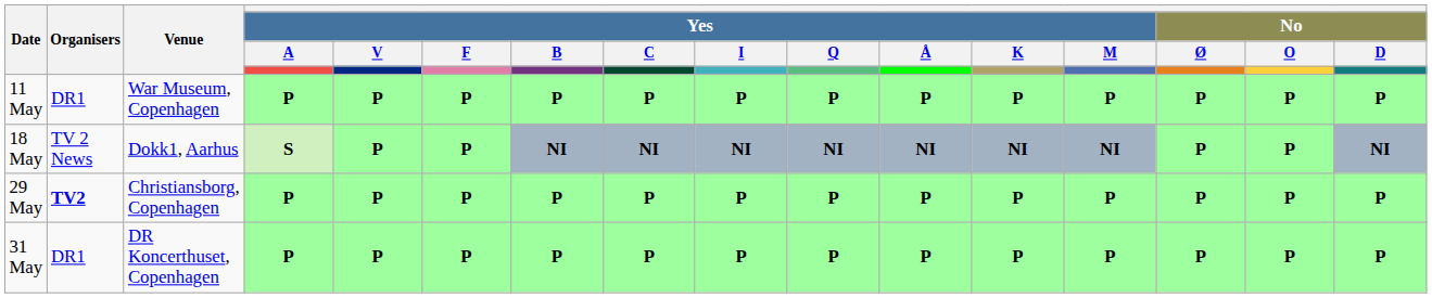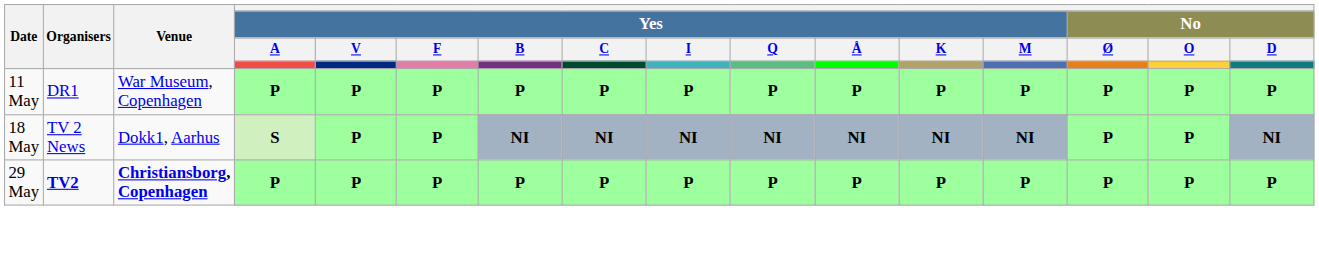 <table class="wikitable" style="text-justify: none">
 <tr style="font-size:small;">
 <th rowspan="4">Date</th>
 <th rowspan="4">Organisers</th>
 <th rowspan="4">Venue</th>
 <th colspan="13" scope="col">     </th>
 </tr>
 <tr>
 <th colspan="10" style="background: rgb(69, 115, 159); color:white; text-align:center;">Yes</th>
 <th colspan="3" style="background: rgb(140, 140, 83); color:white; text-align:center;">No</th>
 </tr>
 <tr style="font-size:small;">
 <th scope="col"><a href='#'>A</a></th>
 <th scope="col"><a href='#'>V</a></th>
 <th scope="col"><a href='#'>F</a></th>
 <th scope="col"><a href='#'>B</a></th>
 <th scope="col"><a href='#'>C</a></th>
 <th scope="col"><a href='#'>I</a></th>
 <th scope="col"><a href='#'>Q</a></th>
 <th scope="col"><a href='#'>Å</a></th>
 <th scope="col"><a href='#'>K</a></th>
 <th scope="col"><a href='#'>M</a></th>
 <th scope="col"><a href='#'>Ø</a></th>
 <th scope="col"><a href='#'>O</a></th>
 <th scope="col"><a href='#'>D</a></th>
 </tr>
 <tr>
 <th style="width:6.5em; background:#F04D46;"></th>
 <th style="width:6.5em; background:#002883;"></th>
 <th style="width:6.5em; background:#E07EA8;"></th>
 <th style="width:6.5em; background:#733280;"></th>
 <th style="width:6.5em; background:#004931;"></th>
 <th style="width:6.5em; background:#3FB2BE;"></th>
 <th style="width:6.5em; background:#5ABE82;"></th>
 <th style="width:6.5em; background:#0f0;"></th>
 <th style="width:6.5em; background:#B1A269;"></th>
 <th style="width:6.5em; background:#4d6fb2;"></th>
 <th style="width:6.5em; background:#E6801A;"></th>
 <th style="width:6.5em; background:#FCD03B;"></th>
 <th style="width:6.5em; background:#127B7F;"></th>
 </tr>
 <tr>
 <td>11 May</td>
 <td><a href='#'>DR1</a></td>
 <td><a href='#'>War Museum</a>, <a href='#'>Copenhagen</a></td>
 <td style="background:#9EFF9E; color:black; text-align:center;"><strong>P</strong><br></td>
 <td style="background:#9EFF9E; color:black; text-align:center;"><strong>P</strong><br></td>
 <td style="background:#9EFF9E; color:black; text-align:center;"><strong>P</strong><br></td>
 <td style="background:#9EFF9E; color:black; text-align:center;"><strong>P</strong><br></td>
 <td style="background:#9EFF9E; color:black; text-align:center;"><strong>P</strong><br></td>
 <td style="background:#9EFF9E; color:black; text-align:center;"><strong>P</strong><br></td>
 <td style="background:#9EFF9E; color:black; text-align:center;"><strong>P</strong><br></td>
 <td style="background:#9EFF9E; color:black; text-align:center;"><strong>P</strong><br></td>
 <td style="background:#9EFF9E; color:black; text-align:center;"><strong>P</strong><br></td>
 <td style="background:#9EFF9E; color:black; text-align:center;"><strong>P</strong><br></td>
 <td style="background:#9EFF9E; color:black; text-align:center;"><strong>P</strong><br></td>
 <td style="background:#9EFF9E; color:black; text-align:center;"><strong>P</strong><br></td>
 <td style="background:#9EFF9E; color:black; text-align:center;"><strong>P</strong><br></td>
 </tr>
 <tr>
 <td>18 May</td>
 <td><a href='#'>TV 2 News</a></td>
 <td><a href='#'>Dokk1</a>, <a href='#'>Aarhus</a></td>
 <td style="background:#D0F0C0; color:black; text-align:center;"><strong>S</strong><br></td>
 <td style="background:#9EFF9E; color:black; text-align:center;"><strong>P</strong><br></td>
 <td style="background:#9EFF9E; color:black; text-align:center;"><strong>P</strong><br></td>
 <td style="background:#A2B2C2; color:black; text-align:center;"><strong>NI</strong></td>
 <td style="background:#A2B2C2; color:black; text-align:center;"><strong>NI</strong></td>
 <td style="background:#A2B2C2; color:black; text-align:center;"><strong>NI</strong></td>
 <td style="background:#A2B2C2; color:black; text-align:center;"><strong>NI</strong></td>
 <td style="background:#A2B2C2; color:black; text-align:center;"><strong>NI</strong></td>
 <td style="background:#A2B2C2; color:black; text-align:center;"><strong>NI</strong></td>
 <td style="background:#A2B2C2; color:black; text-align:center;"><strong>NI</strong></td>
 <td style="background:#9EFF9E; color:black; text-align:center;"><strong>P</strong><br></td>
 <td style="background:#9EFF9E; color:black; text-align:center;"><strong>P</strong><br></td>
 <td style="background:#A2B2C2; color:black; text-align:center;"><strong>NI</strong></td>
 </tr>
 <tr>
 <td>29 May</td>
 <td><strong><a href='#'>TV2</a></strong></td>
-<td><a href='#'>Christiansborg</a>, <a href='#'>Copenhagen</a></td>
-<td style="background:#9EFF9E; color:black; text-align:center;"><strong>P</strong><br></td>
-<td style="background:#9EFF9E; color:black; text-align:center;"><strong>P</strong><br></td>
-<td style="background:#9EFF9E; color:black; text-align:center;"><strong>P</strong><br></td>
-<td style="background:#9EFF9E; color:black; text-align:center;"><strong>P</strong><br></td>
-<td style="background:#9EFF9E; color:black; text-align:center;"><strong>P</strong><br></td>
-<td style="background:#9EFF9E; color:black; text-align:center;"><strong>P</strong><br></td>
-<td style="background:#9EFF9E; color:black; text-align:center;"><strong>P</strong><br></td>
-<td style="background:#9EFF9E; color:black; text-align:center;"><strong>P</strong><br></td>
-<td style="background:#9EFF9E; color:black; text-align:center;"><strong>P</strong><br></td>
-<td style="background:#9EFF9E; color:black; text-align:center;"><strong>P</strong><br></td>
-<td style="background:#9EFF9E; color:black; text-align:center;"><strong>P</strong><br></td>
-<td style="background:#9EFF9E; color:black; text-align:center;"><strong>P</strong><br></td>
-<td style="background:#9EFF9E; color:black; text-align:center;"><strong>P</strong><br></td>
-</tr>
-<tr>
-<td>31 May</td>
-<td><a href='#'>DR1</a></td>
-<td><a href='#'>DR Koncerthuset</a>, <a href='#'>Copenhagen</a></td>
+<td><strong><a href='#'>Christiansborg</a>, <a href='#'>Copenhagen</a></strong></td>
 <td style="background:#9EFF9E; color:black; text-align:center;"><strong>P</strong><br></td>
 <td style="background:#9EFF9E; color:black; text-align:center;"><strong>P</strong><br></td>
 <td style="background:#9EFF9E; color:black; text-align:center;"><strong>P</strong><br></td>
 <td style="background:#9EFF9E; color:black; text-align:center;"><strong>P</strong><br></td>
 <td style="background:#9EFF9E; color:black; text-align:center;"><strong>P</strong><br></td>
 <td style="background:#9EFF9E; color:black; text-align:center;"><strong>P</strong><br></td>
 <td style="background:#9EFF9E; color:black; text-align:center;"><strong>P</strong><br></td>
 <td style="background:#9EFF9E; color:black; text-align:center;"><strong>P</strong><br></td>
 <td style="background:#9EFF9E; color:black; text-align:center;"><strong>P</strong><br></td>
 <td style="background:#9EFF9E; color:black; text-align:center;"><strong>P</strong><br></td>
 <td style="background:#9EFF9E; color:black; text-align:center;"><strong>P</strong><br></td>
 <td style="background:#9EFF9E; color:black; text-align:center;"><strong>P</strong><br></td>
 <td style="background:#9EFF9E; color:black; text-align:center;"><strong>P</strong><br></td>
 </tr>
 </table>
